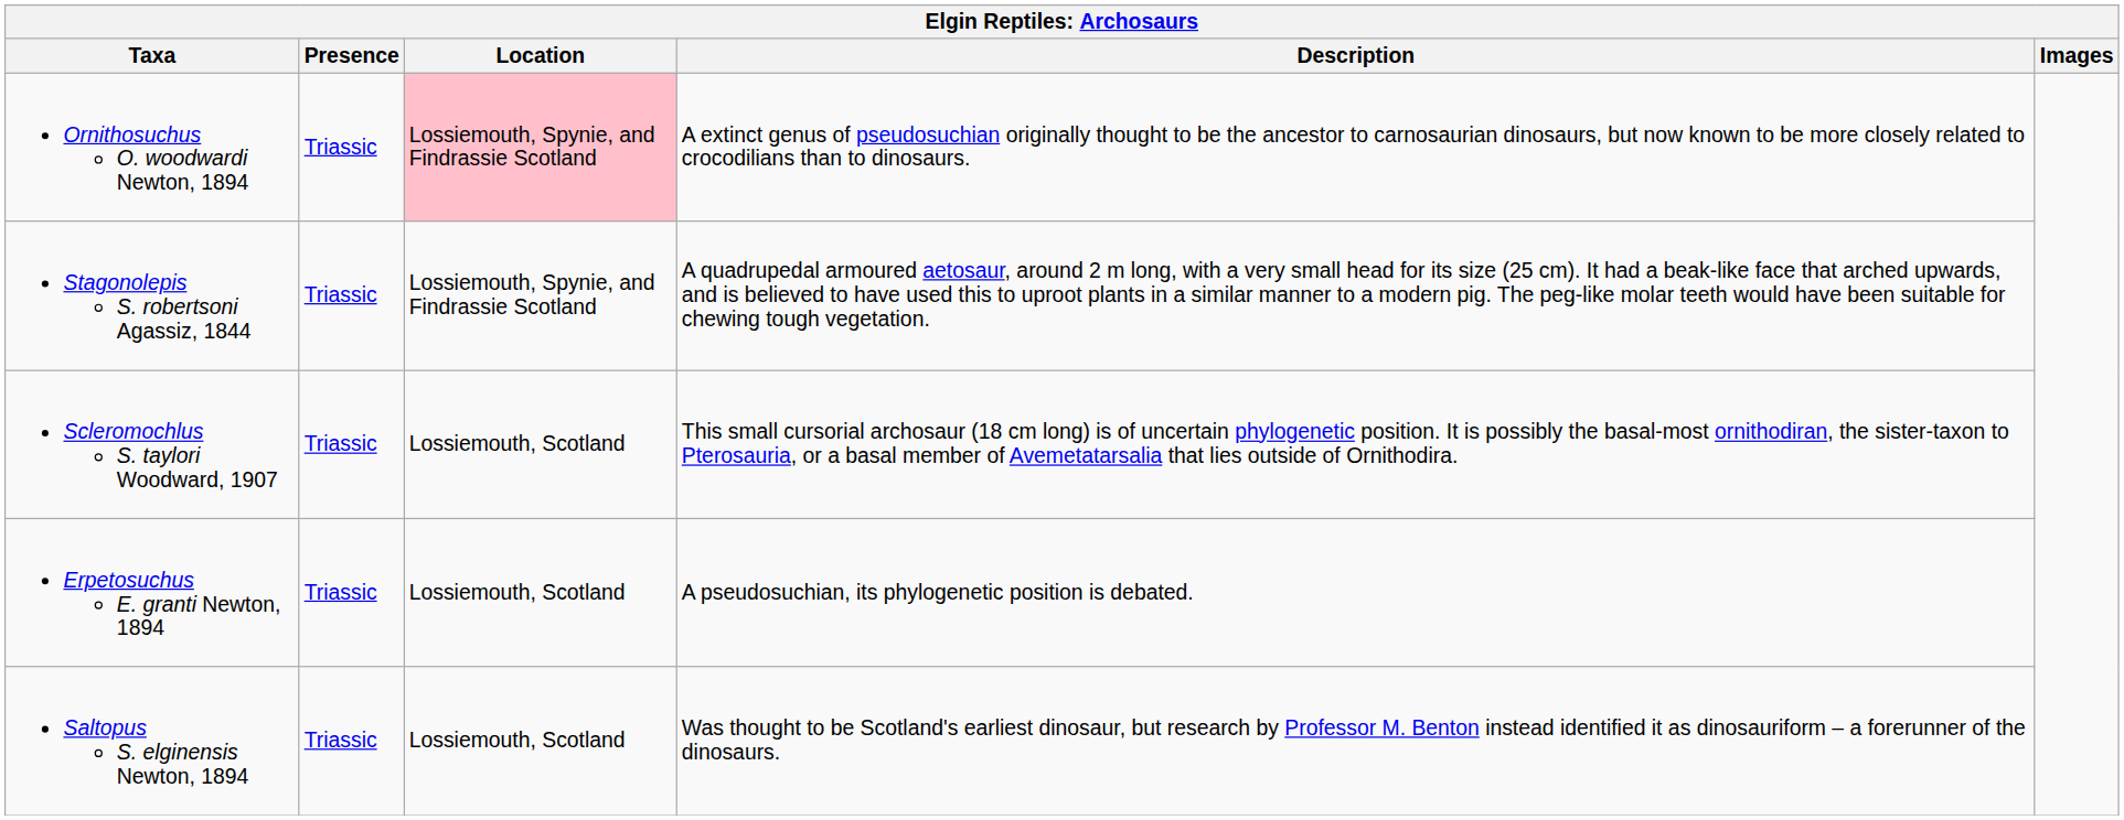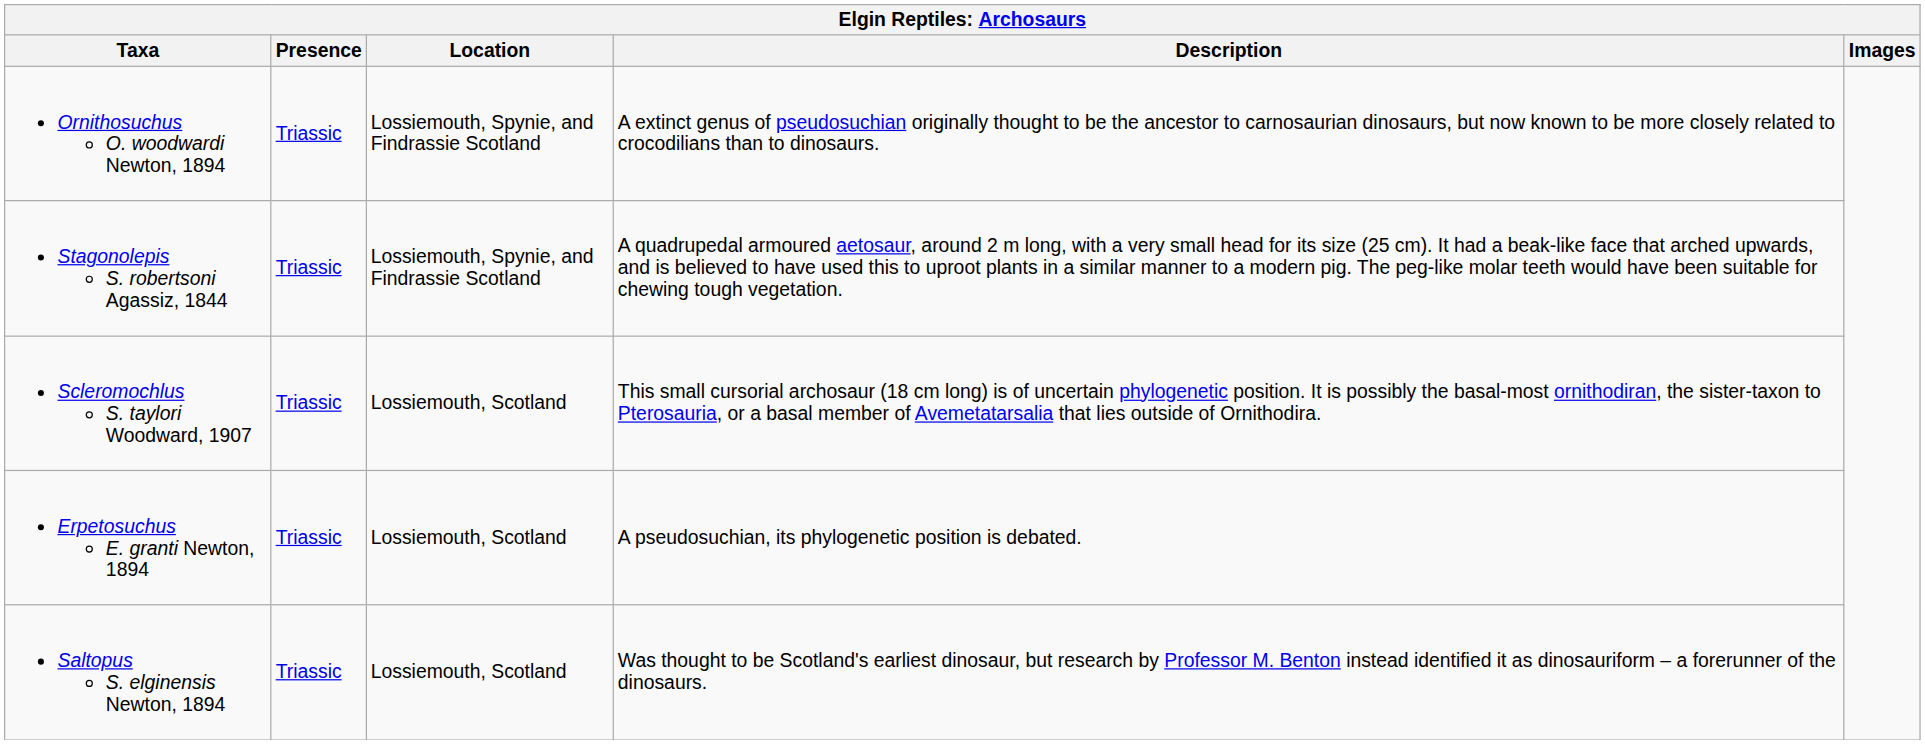 <table class="wikitable" align="center" width="100%">
 <tr>
 <th colspan="5" align="center">Elgin Reptiles: <strong><a href='#'>Archosaurs</a></strong></th>
 </tr>
 <tr>
 <th>Taxa</th>
 <th>Presence</th>
 <th>Location</th>
 <th>Description</th>
 <th>Images</th>
 </tr>
 <tr>
 <td><br><ul><li><em><a href='#'>Ornithosuchus</a></em><ul><li><em>O. woodwardi</em> Newton, 1894</li></ul></li></ul></td>
 <td><a href='#'>Triassic</a></td>
-<td style="background: pink;">Lossiemouth, Spynie, and Findrassie Scotland</td>
+<td>Lossiemouth, Spynie, and Findrassie Scotland</td>
 <td>A  extinct genus of <a href='#'>pseudosuchian</a> originally thought to be the ancestor to carnosaurian dinosaurs, but now known to be more closely related to crocodilians than to dinosaurs.</td>
 <td rowspan="5"><br>  </td>
 </tr>
 <tr>
 <td><br><ul><li><em><a href='#'>Stagonolepis</a></em><ul><li><em>S. robertsoni</em> Agassiz, 1844</li></ul></li></ul></td>
 <td><a href='#'>Triassic</a></td>
 <td>Lossiemouth, Spynie, and Findrassie Scotland</td>
 <td>A quadrupedal armoured <a href='#'>aetosaur</a>, around 2 m long, with a very small head for its size (25 cm). It had a beak-like face that arched upwards, and is believed to have used this to uproot plants in a similar manner to a modern pig. The peg-like molar teeth would have been suitable for chewing tough vegetation.</td>
 </tr>
 <tr>
 <td><br><ul><li><em><a href='#'>Scleromochlus</a></em><ul><li><em>S. taylori</em> Woodward, 1907</li></ul></li></ul></td>
 <td><a href='#'>Triassic</a></td>
 <td>Lossiemouth, Scotland</td>
 <td>This small cursorial archosaur (18 cm long) is of uncertain <a href='#'>phylogenetic</a> position. It is possibly the basal-most <a href='#'>ornithodiran</a>, the sister-taxon to <a href='#'>Pterosauria</a>, or a basal member of <a href='#'>Avemetatarsalia</a> that lies outside of Ornithodira.</td>
 </tr>
 <tr>
 <td><br><ul><li><em><a href='#'>Erpetosuchus</a></em><ul><li><em>E. granti</em> Newton, 1894</li></ul></li></ul></td>
 <td><a href='#'>Triassic</a></td>
 <td>Lossiemouth, Scotland</td>
 <td>A pseudosuchian, its phylogenetic position is debated.</td>
 </tr>
 <tr>
 <td><br><ul><li><em><a href='#'>Saltopus </a></em><ul><li><em>S. elginensis</em> Newton, 1894</li></ul></li></ul></td>
 <td><a href='#'>Triassic</a></td>
 <td>Lossiemouth, Scotland</td>
 <td>Was thought to be Scotland's earliest dinosaur, but research by <a href='#'>Professor M. Benton</a> instead identified it as dinosauriform – a forerunner of the dinosaurs.</td>
 </tr>
 <tr>
 </tr>
 </table>
